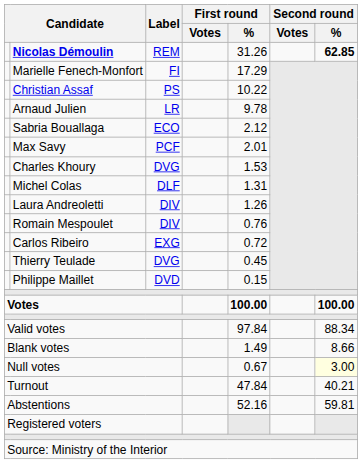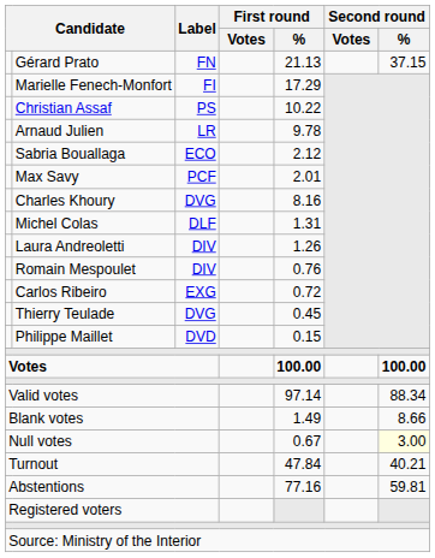 <table class="wikitable" style="text-align:right;font-size:95%;">
 <tr>
 <th rowspan="2" colspan="2">Candidate</th>
 <th rowspan="2">Label</th>
 <th colspan="2">First round</th>
 <th colspan="2">Second round</th>
 </tr>
 <tr>
 <th style="width:50px;">Votes</th>
 <th style="width:45px;">%</th>
 <th style="width:50px;">Votes</th>
 <th style="width:45px;">%</th>
 </tr>
 <tr>
 <td style="color:inherit;background:"></td>
-<td style="text-align:left;"><strong><a href='#'>Nicolas Démoulin</a></strong></td>
-<td><a href='#'>REM</a></td>
+<td style="text-align:left;">Gérard Prato</td>
+<td><a href='#'>FN</a></td>
 <td></td>
-<td>31.26</td>
-<td><strong></strong></td>
-<td><strong>62.85</strong></td>
+<td>21.13</td>
+<td></td>
+<td>37.15</td>
 </tr>
 <tr>
 <td style="color:inherit;background:"></td>
 <td style="text-align:left;">Marielle Fenech-Monfort</td>
 <td><a href='#'>FI</a></td>
 <td></td>
 <td>17.29</td>
 <td colspan="2" rowspan="12" style="background:#E9E9E9;"></td>
 </tr>
 <tr>
 <td style="color:inherit;background:"></td>
 <td style="text-align:left;"><a href='#'>Christian Assaf</a></td>
 <td><a href='#'>PS</a></td>
 <td></td>
 <td>10.22</td>
 </tr>
 <tr>
 <td style="color:inherit;background:"></td>
 <td style="text-align:left;">Arnaud Julien</td>
 <td><a href='#'>LR</a></td>
 <td></td>
 <td>9.78</td>
 </tr>
 <tr>
 <td style="color:inherit;background:"></td>
 <td style="text-align:left;">Sabria Bouallaga</td>
 <td><a href='#'>ECO</a></td>
 <td></td>
 <td>2.12</td>
 </tr>
 <tr>
 <td style="color:inherit;background:"></td>
 <td style="text-align:left;">Max Savy</td>
 <td><a href='#'>PCF</a></td>
 <td></td>
 <td>2.01</td>
 </tr>
 <tr>
 <td style="color:inherit;background:"></td>
 <td style="text-align:left;">Charles Khoury</td>
 <td><a href='#'>DVG</a></td>
 <td></td>
-<td>1.53</td>
+<td>8.16</td>
 </tr>
 <tr>
 <td style="color:inherit;background:"></td>
 <td style="text-align:left;">Michel Colas</td>
 <td><a href='#'>DLF</a></td>
 <td></td>
 <td>1.31</td>
 </tr>
 <tr>
 <td style="color:inherit;background:"></td>
 <td style="text-align:left;">Laura Andreoletti</td>
 <td><a href='#'>DIV</a></td>
 <td></td>
 <td>1.26</td>
 </tr>
 <tr>
 <td style="color:inherit;background:"></td>
 <td style="text-align:left;">Romain Mespoulet</td>
 <td><a href='#'>DIV</a></td>
 <td></td>
 <td>0.76</td>
 </tr>
 <tr>
 <td style="color:inherit;background:"></td>
 <td style="text-align:left;">Carlos Ribeiro</td>
 <td><a href='#'>EXG</a></td>
 <td></td>
 <td>0.72</td>
 </tr>
 <tr>
 <td style="color:inherit;background:"></td>
 <td style="text-align:left;">Thierry Teulade</td>
 <td><a href='#'>DVG</a></td>
 <td></td>
 <td>0.45</td>
 </tr>
 <tr>
 <td style="color:inherit;background:"></td>
 <td style="text-align:left;">Philippe Maillet</td>
 <td><a href='#'>DVD</a></td>
 <td></td>
 <td>0.15</td>
 </tr>
 <tr>
 <td colspan="7" style="background:#E9E9E9;"></td>
 </tr>
 <tr style="font-weight:bold;">
 <td colspan="3" style="text-align:left;">Votes</td>
 <td></td>
 <td>100.00</td>
 <td></td>
 <td>100.00</td>
 </tr>
 <tr>
 <td colspan="7" style="background:#E9E9E9;"></td>
 </tr>
 <tr>
 <td colspan="3" style="text-align:left;">Valid votes</td>
 <td></td>
-<td>97.84</td>
+<td>97.14</td>
 <td></td>
 <td>88.34</td>
 </tr>
 <tr>
 <td colspan="3" style="text-align:left;">Blank votes</td>
 <td></td>
 <td>1.49</td>
 <td></td>
 <td>8.66</td>
 </tr>
 <tr>
 <td colspan="3" style="text-align:left;">Null votes</td>
 <td></td>
 <td>0.67</td>
 <td></td>
 <td style="background: lightyellow;">3.00</td>
 </tr>
 <tr>
 <td colspan="3" style="text-align:left;">Turnout</td>
 <td></td>
 <td>47.84</td>
 <td></td>
 <td>40.21</td>
 </tr>
 <tr>
 <td colspan="3" style="text-align:left;">Abstentions</td>
 <td></td>
-<td>52.16</td>
+<td>77.16</td>
 <td></td>
 <td>59.81</td>
 </tr>
 <tr>
 <td colspan="3" style="text-align:left;">Registered voters</td>
 <td></td>
 <td style="color:inherit;background:#E9E9E9;"></td>
 <td></td>
 <td style="color:inherit;background:#E9E9E9;"></td>
 </tr>
 <tr>
 <td colspan="7" style="background:#E9E9E9;"></td>
 </tr>
 <tr>
 <td colspan="7" style="text-align:left;">Source: Ministry of the Interior</td>
 </tr>
 </table>
